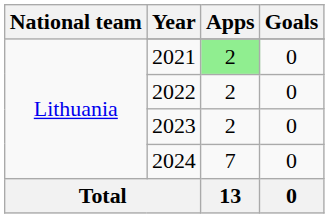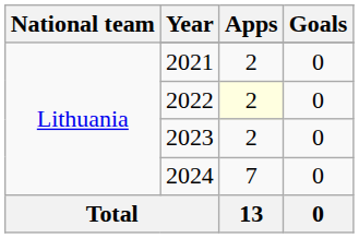 <table class="wikitable" style="text-align:center">
 <tr>
 <th>National team</th>
 <th>Year</th>
 <th>Apps</th>
 <th>Goals</th>
 </tr>
 <tr>
 <td rowspan=5><a href='#'>Lithuania</a></td>
 </tr>
 <tr>
 <td>2021</td>
-<td style="background: lightgreen;">2</td>
+<td>2</td>
 <td>0</td>
 </tr>
 <tr>
 <td>2022</td>
-<td>2</td>
+<td style="background: lightyellow;">2</td>
 <td>0</td>
 </tr>
 <tr>
 <td>2023</td>
 <td>2</td>
 <td>0</td>
 </tr>
 <tr>
 <td>2024</td>
 <td>7</td>
 <td>0</td>
 </tr>
 <tr>
 <th colspan="2">Total</th>
 <th>13</th>
 <th>0</th>
 </tr>
 </table>
